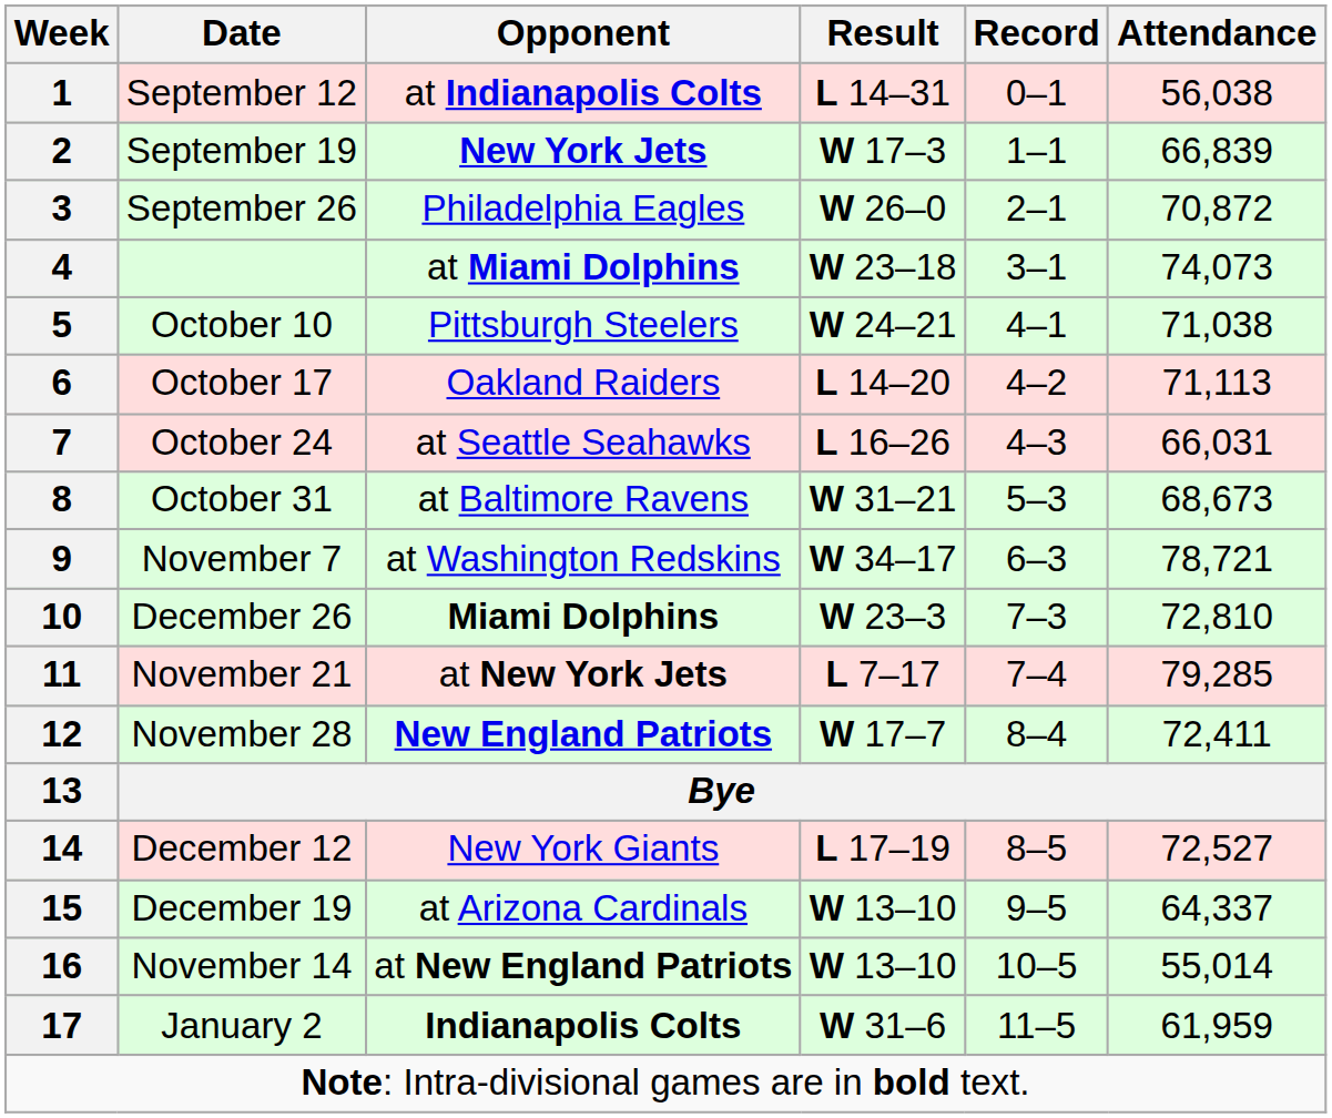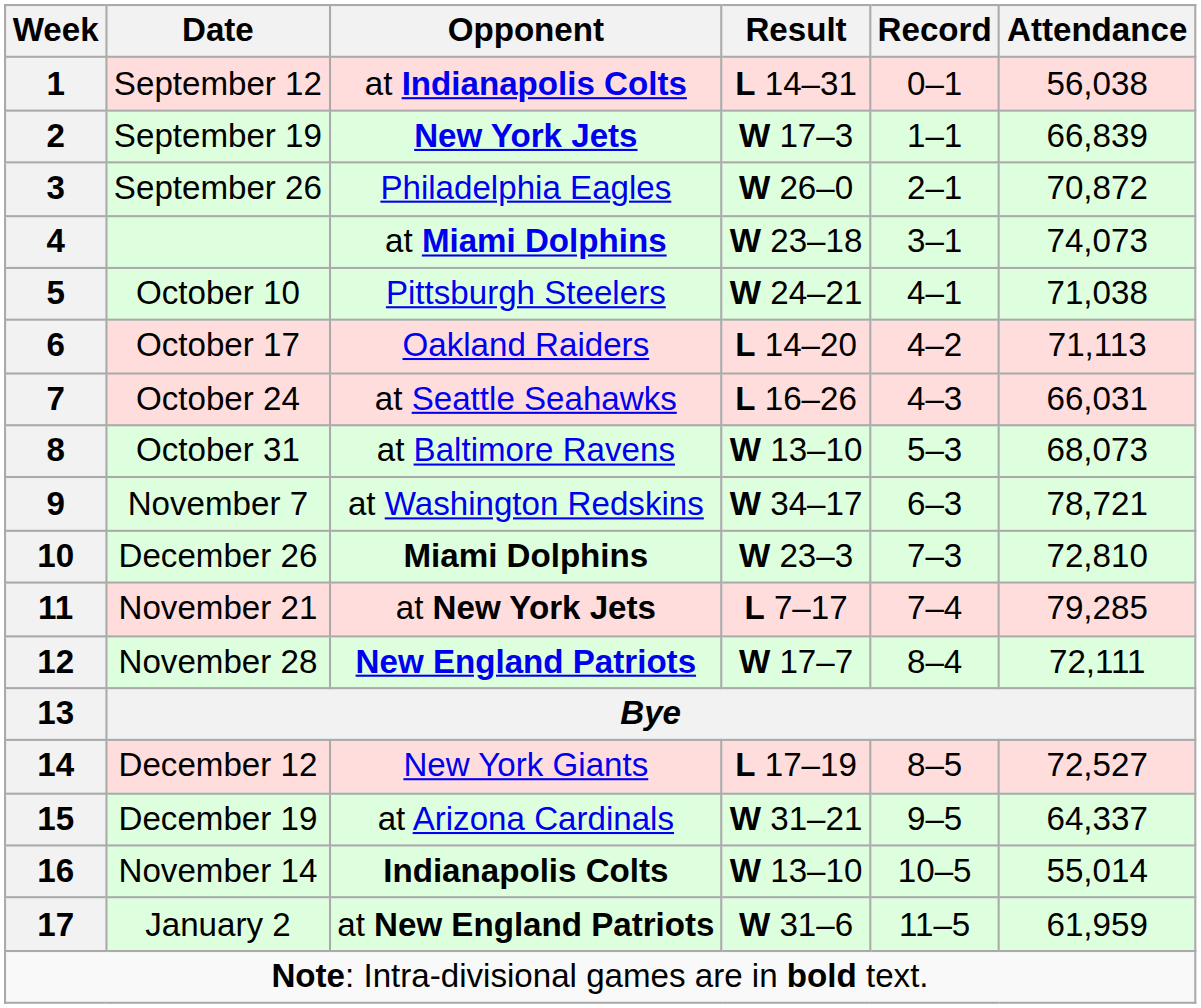 <table class="wikitable" style="text-align:center;">
 <tr>
 <th>Week</th>
 <th>Date</th>
 <th>Opponent</th>
 <th>Result</th>
 <th>Record</th>
 <th>Attendance</th>
 </tr>
 <tr style="background: #ffdddd;">
 <th>1</th>
 <td>September 12</td>
 <td>at <strong><a href='#'>Indianapolis Colts</a></strong></td>
 <td><strong>L</strong> 14–31</td>
 <td>0–1</td>
 <td>56,038</td>
 </tr>
 <tr style="background: #ddffdd;">
 <th>2</th>
 <td>September 19</td>
 <td><strong><a href='#'>New York Jets</a></strong></td>
 <td><strong>W</strong> 17–3</td>
 <td>1–1</td>
 <td>66,839</td>
 </tr>
 <tr style="background: #ddffdd;">
 <th>3</th>
 <td>September 26</td>
 <td><a href='#'>Philadelphia Eagles</a></td>
 <td><strong>W</strong> 26–0</td>
 <td>2–1</td>
 <td>70,872</td>
 </tr>
 <tr style="background: #ddffdd;">
 <th>4</th>
 <td></td>
 <td>at <strong><a href='#'>Miami Dolphins</a></strong></td>
 <td><strong>W</strong> 23–18</td>
 <td>3–1</td>
 <td>74,073</td>
 </tr>
 <tr style="background: #ddffdd;">
 <th>5</th>
 <td>October 10</td>
 <td><a href='#'>Pittsburgh Steelers</a></td>
 <td><strong>W</strong> 24–21</td>
 <td>4–1</td>
 <td>71,038</td>
 </tr>
 <tr style="background: #ffdddd;">
 <th>6</th>
 <td>October 17</td>
 <td><a href='#'>Oakland Raiders</a></td>
 <td><strong>L</strong> 14–20</td>
 <td>4–2</td>
 <td>71,113</td>
 </tr>
 <tr style="background: #ffdddd;">
 <th>7</th>
 <td>October 24</td>
 <td>at <a href='#'>Seattle Seahawks</a></td>
 <td><strong>L</strong> 16–26</td>
 <td>4–3</td>
 <td>66,031</td>
 </tr>
 <tr style="background: #ddffdd;">
 <th>8</th>
 <td>October 31</td>
 <td>at <a href='#'>Baltimore Ravens</a></td>
-<td><strong>W</strong> 31–21</td>
+<td><strong>W</strong> 13–10</td>
 <td>5–3</td>
-<td>68,673</td>
+<td>68,073</td>
 </tr>
 <tr style="background: #ddffdd;">
 <th>9</th>
 <td>November 7</td>
 <td>at <a href='#'>Washington Redskins</a></td>
 <td><strong>W</strong> 34–17</td>
 <td>6–3</td>
 <td>78,721</td>
 </tr>
 <tr style="background: #ddffdd;">
 <th>10</th>
 <td>December 26</td>
 <td><strong>Miami Dolphins</strong></td>
 <td><strong>W</strong> 23–3</td>
 <td>7–3</td>
 <td>72,810</td>
 </tr>
 <tr style="background: #ffdddd;">
 <th>11</th>
 <td>November 21</td>
 <td>at <strong>New York Jets</strong></td>
 <td><strong>L</strong> 7–17</td>
 <td>7–4</td>
 <td>79,285</td>
 </tr>
 <tr style="background: #ddffdd;">
 <th>12</th>
 <td>November 28</td>
 <td><strong><a href='#'>New England Patriots</a></strong></td>
 <td><strong>W</strong> 17–7</td>
 <td>8–4</td>
-<td>72,411</td>
+<td>72,111</td>
 </tr>
 <tr>
 <th>13</th>
 <th colspan=5 align="center"><em>Bye</em></th>
 </tr>
 <tr style="background: #ffdddd;">
 <th>14</th>
 <td>December 12</td>
 <td><a href='#'>New York Giants</a></td>
 <td><strong>L</strong> 17–19</td>
 <td>8–5</td>
 <td>72,527</td>
 </tr>
 <tr style="background: #ddffdd;">
 <th>15</th>
 <td>December 19</td>
 <td>at <a href='#'>Arizona Cardinals</a></td>
-<td><strong>W</strong> 13–10</td>
+<td><strong>W</strong> 31–21</td>
 <td>9–5</td>
 <td>64,337</td>
 </tr>
 <tr style="background: #ddffdd;">
 <th>16</th>
 <td>November 14</td>
-<td>at <strong>New England Patriots</strong></td>
+<td><strong>Indianapolis Colts</strong></td>
 <td><strong>W</strong> 13–10 </td>
 <td>10–5</td>
 <td>55,014</td>
 </tr>
 <tr style="background: #ddffdd;">
 <th>17</th>
 <td>January 2</td>
-<td><strong>Indianapolis Colts</strong></td>
+<td>at <strong>New England Patriots</strong></td>
 <td><strong>W</strong> 31–6</td>
 <td>11–5</td>
 <td>61,959</td>
 </tr>
 <tr>
 <td colspan="6"><strong>Note</strong>: Intra-divisional games are in <strong>bold</strong> text.</td>
 </tr>
 </table>
